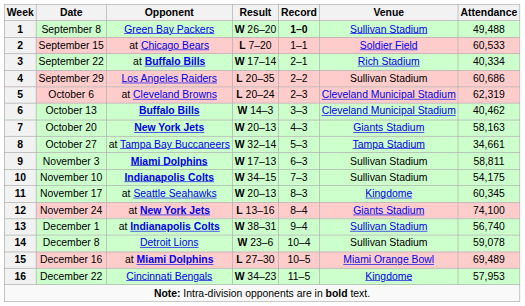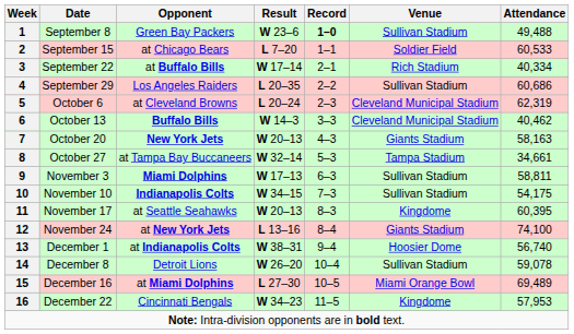 <table class="wikitable" style="text-align:center">
 <tr>
 <th>Week</th>
 <th>Date</th>
 <th>Opponent</th>
 <th>Result</th>
 <th>Record</th>
 <th>Venue</th>
 <th>Attendance</th>
 </tr>
 <tr style="background:#cfc">
 <th>1</th>
 <td>September 8</td>
 <td><a href='#'>Green Bay Packers</a></td>
-<td><strong>W</strong> 26–20</td>
+<td><strong>W</strong> 23–6</td>
 <td><strong>1–0</strong></td>
 <td><a href='#'>Sullivan Stadium</a></td>
 <td>49,488</td>
 </tr>
 <tr style="background:#fcc">
 <th>2</th>
 <td>September 15</td>
 <td>at <a href='#'>Chicago Bears</a></td>
 <td><strong>L</strong> 7–20</td>
 <td>1–1</td>
 <td><a href='#'>Soldier Field</a></td>
 <td>60,533</td>
 </tr>
 <tr style="background:#cfc">
 <th>3</th>
 <td>September 22</td>
 <td>at <strong><a href='#'>Buffalo Bills</a></strong></td>
 <td><strong>W</strong> 17–14</td>
 <td>2–1</td>
 <td><a href='#'>Rich Stadium</a></td>
 <td>40,334</td>
 </tr>
 <tr style="background:#fcc">
 <th>4</th>
 <td>September 29</td>
 <td><a href='#'>Los Angeles Raiders</a></td>
 <td><strong>L</strong> 20–35</td>
 <td>2–2</td>
 <td>Sullivan Stadium</td>
 <td>60,686</td>
 </tr>
 <tr style="background:#fcc">
 <th>5</th>
 <td>October 6</td>
 <td>at <a href='#'>Cleveland Browns</a></td>
 <td><strong>L</strong> 20–24</td>
 <td>2–3</td>
 <td><a href='#'>Cleveland Municipal Stadium</a></td>
 <td>62,319</td>
 </tr>
 <tr style="background:#cfc">
 <th>6</th>
 <td>October 13</td>
 <td><strong><a href='#'>Buffalo Bills</a></strong></td>
 <td><strong>W</strong> 14–3</td>
 <td>3–3</td>
 <td><a href='#'>Cleveland Municipal Stadium</a></td>
 <td>40,462</td>
 </tr>
 <tr style="background:#cfc">
 <th>7</th>
 <td>October 20</td>
 <td><strong><a href='#'>New York Jets</a></strong></td>
 <td><strong>W</strong> 20–13</td>
 <td>4–3</td>
 <td><a href='#'>Giants Stadium</a></td>
 <td>58,163</td>
 </tr>
 <tr style="background:#cfc">
 <th>8</th>
 <td>October 27</td>
 <td>at <a href='#'>Tampa Bay Buccaneers</a></td>
 <td><strong>W</strong> 32–14</td>
 <td>5–3</td>
 <td><a href='#'>Tampa Stadium</a></td>
 <td>34,661</td>
 </tr>
 <tr style="background:#cfc">
 <th>9</th>
 <td>November 3</td>
 <td><strong><a href='#'>Miami Dolphins</a></strong></td>
 <td><strong>W</strong> 17–13</td>
 <td>6–3</td>
 <td>Sullivan Stadium</td>
 <td>58,811</td>
 </tr>
 <tr style="background:#cfc">
 <th>10</th>
 <td>November 10</td>
 <td><strong><a href='#'>Indianapolis Colts</a></strong></td>
 <td><strong>W</strong> 34–15</td>
 <td>7–3</td>
 <td>Sullivan Stadium</td>
 <td>54,175</td>
 </tr>
 <tr style="background:#cfc">
 <th>11</th>
 <td>November 17</td>
 <td>at <a href='#'>Seattle Seahawks</a></td>
 <td><strong>W</strong> 20–13</td>
 <td>8–3</td>
 <td><a href='#'>Kingdome</a></td>
-<td>60,345</td>
+<td>60,395</td>
 </tr>
 <tr style="background:#fcc">
 <th>12</th>
 <td>November 24</td>
 <td>at <strong><a href='#'>New York Jets</a></strong></td>
 <td><strong>L</strong> 13–16 </td>
 <td>8–4</td>
 <td><a href='#'>Giants Stadium</a></td>
 <td>74,100</td>
 </tr>
 <tr style="background:#cfc">
 <th>13</th>
 <td>December 1</td>
 <td>at <strong><a href='#'>Indianapolis Colts</a></strong></td>
 <td><strong>W</strong> 38–31</td>
 <td>9–4</td>
-<td><a href='#'>Sullivan Stadium</a></td>
+<td><a href='#'>Hoosier Dome</a></td>
 <td>56,740</td>
 </tr>
 <tr style="background:#cfc">
 <th>14</th>
 <td>December 8</td>
 <td><a href='#'>Detroit Lions</a></td>
-<td><strong>W</strong> 23–6</td>
+<td><strong>W</strong> 26–20</td>
 <td>10–4</td>
 <td>Sullivan Stadium</td>
 <td>59,078</td>
 </tr>
 <tr style="background:#fcc">
 <th>15</th>
 <td>December 16</td>
 <td>at <strong><a href='#'>Miami Dolphins</a></strong></td>
 <td><strong>L</strong> 27–30</td>
 <td>10–5</td>
 <td><a href='#'>Miami Orange Bowl</a></td>
 <td>69,489</td>
 </tr>
 <tr style="background:#cfc">
 <th>16</th>
 <td>December 22</td>
 <td><a href='#'>Cincinnati Bengals</a></td>
 <td><strong>W</strong> 34–23</td>
 <td>11–5</td>
 <td><a href='#'>Kingdome</a></td>
 <td>57,953</td>
 </tr>
 <tr>
 <td colspan="8"><strong>Note:</strong> Intra-division opponents are in <strong>bold</strong> text.</td>
 </tr>
 </table>
